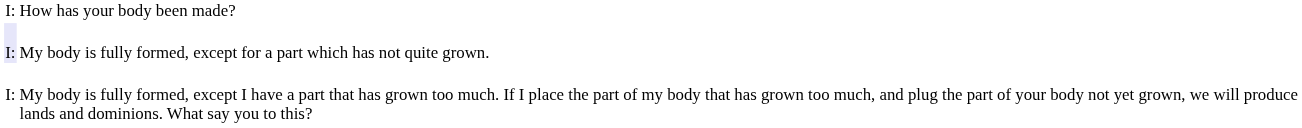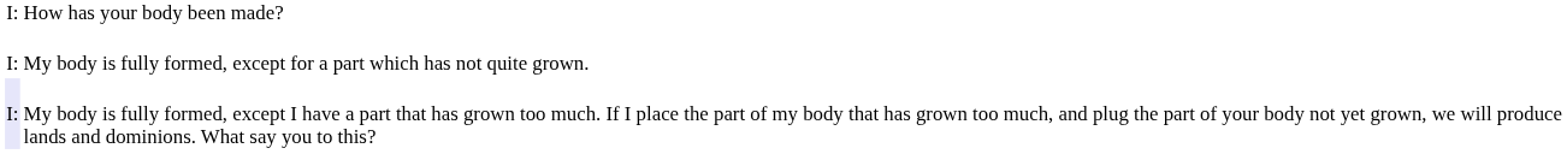 <table>
 <tr valign="top">
 <td><br>I:</td>
 <td><br>How has your body been made?</td>
 </tr>
 <tr valign="top">
-<td style="background: lavender;"><br>I:</td>
+<td><br>I:</td>
 <td><br>My body is fully formed, except for a part which has not quite grown.</td>
 </tr>
 <tr valign="top">
-<td><br>I:</td>
+<td style="background: lavender;"><br>I:</td>
 <td><br>My body is fully formed, except I have a part that has grown too much. If I place the part of my body that has grown too much, and plug the part of your body not yet grown, we will produce lands and dominions. What say you to this?<br></td>
 <td></td>
 </tr>
 </table>
